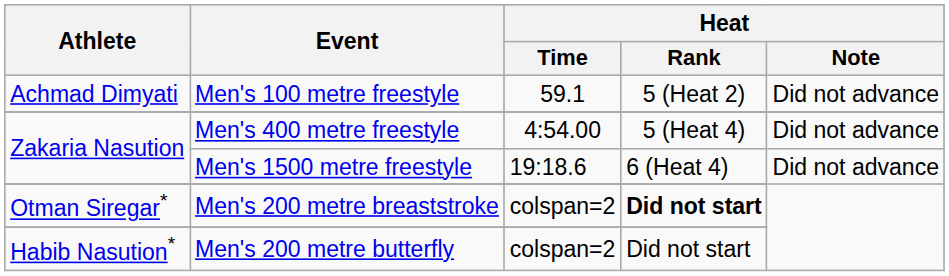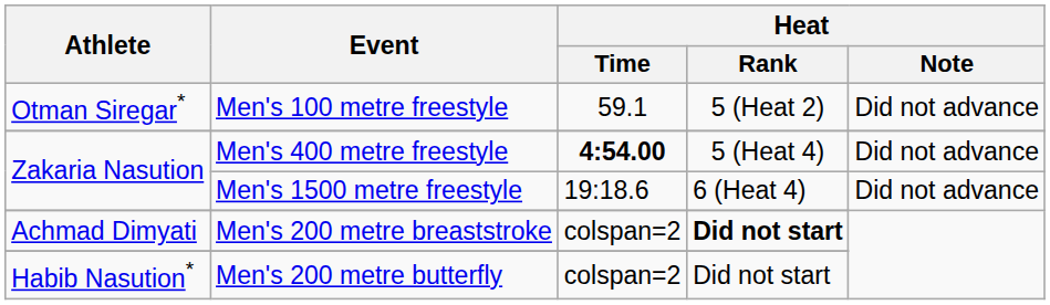 <table class=wikitable style="font-size:90%">
 <tr>
 <th rowspan="2">Athlete</th>
 <th rowspan="2">Event</th>
 <th colspan="3">Heat</th>
 </tr>
 <tr style="font-size:95%">
 <th>Time</th>
 <th>Rank</th>
 <th>Note</th>
 </tr>
 <tr align=center>
-<td align=left><a href='#'>Achmad Dimyati</a></td>
+<td align=left><a href='#'>Otman Siregar</a><sup>*</sup></td>
 <td align=left><a href='#'>Men's 100 metre freestyle</a></td>
 <td>59.1</td>
 <td>5 (Heat 2)</td>
 <td>Did not advance</td>
 </tr>
 <tr>
 </tr>
 <tr align=center>
 <td align=left rowspan=2><a href='#'>Zakaria Nasution</a></td>
 <td align=left><a href='#'>Men's 400 metre freestyle</a></td>
-<td>4:54.00</td>
+<td><strong>4:54.00</strong></td>
 <td>5 (Heat 4)</td>
 <td>Did not advance</td>
 </tr>
 <tr>
 <td align=left><a href='#'>Men's 1500 metre freestyle</a></td>
 <td>19:18.6</td>
 <td>6 (Heat 4)</td>
 <td>Did not advance</td>
 </tr>
 <tr>
 </tr>
 <tr align=center>
-<td align=left><a href='#'>Otman Siregar</a><sup>*</sup></td>
+<td align=left><a href='#'>Achmad Dimyati</a></td>
 <td align=left><a href='#'>Men's 200 metre breaststroke</a></td>
 <td>colspan=2 </td>
 <td align=left><strong>Did not start</strong></td>
 </tr>
 <tr>
 </tr>
 <tr align=center>
 <td align=left><a href='#'>Habib Nasution</a><sup>*</sup></td>
 <td align=left><a href='#'>Men's 200 metre butterfly</a></td>
 <td>colspan=2 </td>
 <td align=left>Did not start</td>
 </tr>
 </table>
